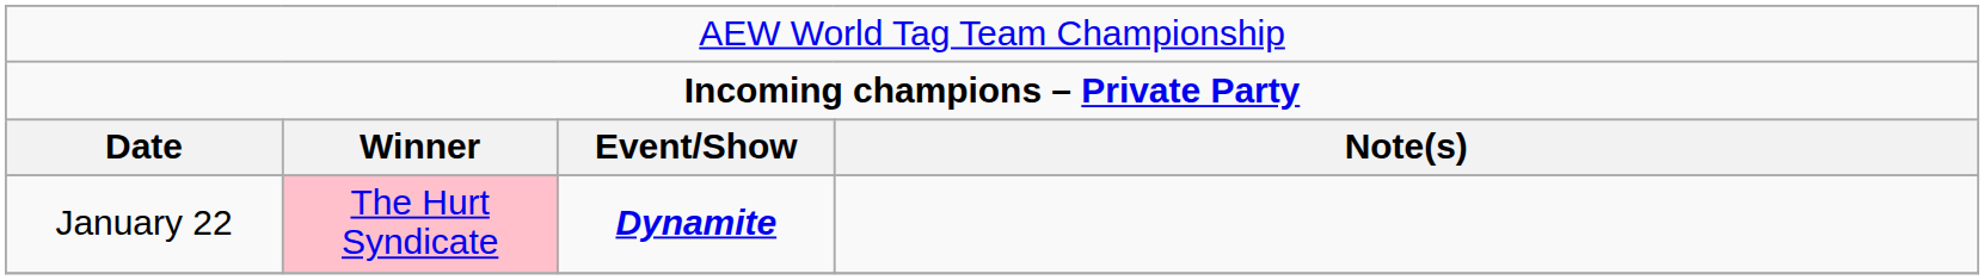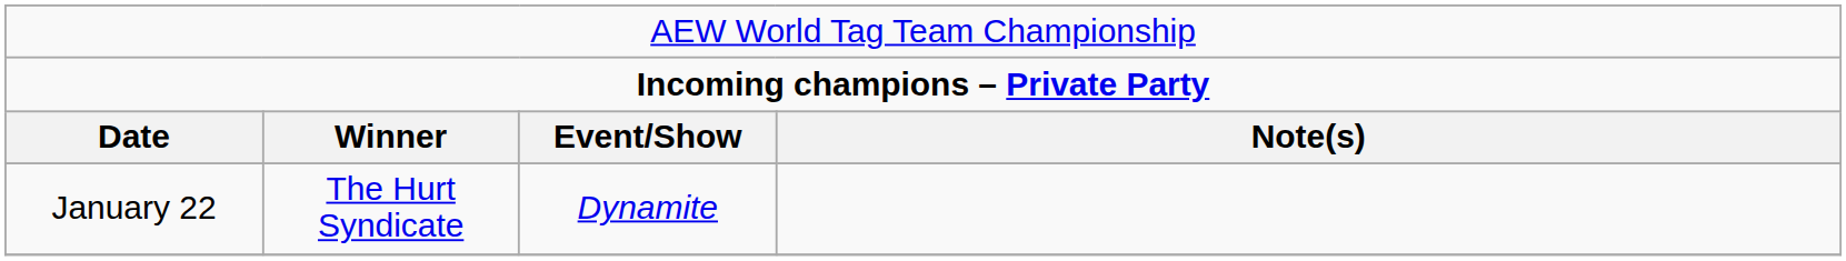 <table class="wikitable" style="text-align:center; width:100%;">
 <tr>
 <td colspan="4" style="text-align: center;"><a href='#'>AEW World Tag Team Championship</a></td>
 </tr>
 <tr>
 <td colspan="4" style="text-align: center;"><strong>Incoming champions – <a href='#'>Private Party</a> </strong></td>
 </tr>
 <tr>
 <th width="14%">Date</th>
 <th width="14%">Winner</th>
 <th width="14%">Event/Show</th>
 <th width="58%">Note(s)</th>
 </tr>
 <tr>
 <td>January 22</td>
-<td style="background: pink;"><a href='#'>The Hurt Syndicate</a><br></td>
-<td><strong><em><a href='#'>Dynamite</a></em></strong></td>
+<td><a href='#'>The Hurt Syndicate</a><br></td>
+<td><em><a href='#'>Dynamite</a></em></td>
 <td></td>
 </tr>
 <tr>
 </tr>
 </table>
